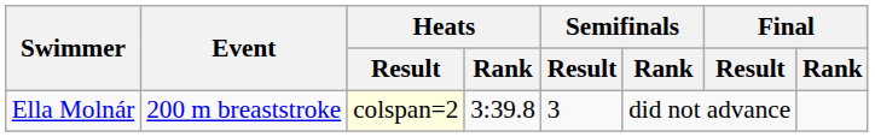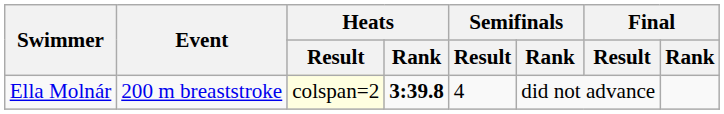 <table class=wikitable style="font-size:90%" style="text-align:center">
 <tr>
 <th rowspan=2>Swimmer</th>
 <th rowspan=2>Event</th>
 <th colspan=2>Heats</th>
 <th colspan=2>Semifinals</th>
 <th colspan=2>Final</th>
 </tr>
 <tr>
 <th>Result</th>
 <th>Rank</th>
 <th>Result</th>
 <th>Rank</th>
 <th>Result</th>
 <th>Rank</th>
 </tr>
 <tr>
 <td align=left><a href='#'>Ella Molnár</a></td>
 <td align=left><a href='#'>200 m breaststroke</a></td>
 <td style="background: lightyellow;">colspan=2 </td>
-<td>3:39.8</td>
-<td>3</td>
+<td><strong>3:39.8</strong></td>
+<td>4</td>
 <td colspan=2>did not advance</td>
 </tr>
 </table>
